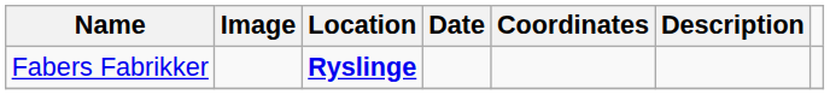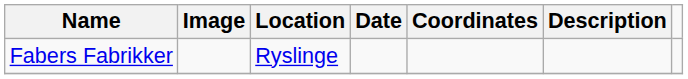 <table class="wikitable sortable">
 <tr>
 <th>Name</th>
 <th>Image</th>
 <th>Location</th>
 <th>Date</th>
 <th>Coordinates</th>
 <th>Description</th>
 </tr>
 <tr>
 <td><a href='#'>Fabers Fabrikker</a></td>
 <td></td>
-<td><strong><a href='#'>Ryslinge</a></strong></td>
+<td><a href='#'>Ryslinge</a></td>
 <td></td>
 <td></td>
 <td></td>
 <td></td>
 </tr>
 <tr>
 </tr>
 </table>
